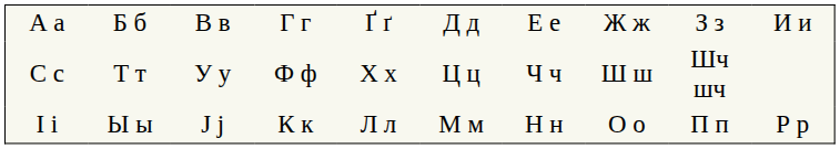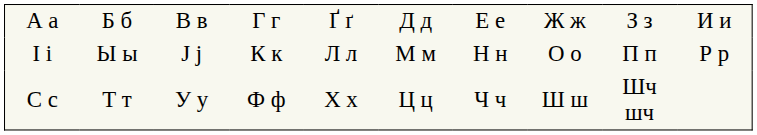 <table style="font-family:Arial Unicode MS; font-size:1.4em; border-color:#000000; border-width:1px; border-style:solid; border-collapse:collapse; background-color:#F8F8EF">
 <tr>
 <td style="width:3em; text-align:center; padding: 3px;">А а</td>
 <td style="width:3em; text-align:center; padding: 3px;">Б б</td>
 <td style="width:3em; text-align:center; padding: 3px;">В в</td>
 <td style="width:3em; text-align:center; padding: 3px;">Г г</td>
 <td style="width:3em; text-align:center; padding: 3px;">Ґ ґ</td>
 <td style="width:3em; text-align:center; padding: 3px;">Д д</td>
 <td style="width:3em; text-align:center; padding: 3px;">Е е</td>
 <td style="width:3em; text-align:center; padding: 3px;">Ж ж</td>
 <td style="width:3em; text-align:center; padding: 3px;">З з</td>
 <td style="width:3em; text-align:center; padding: 3px;">И и</td>
 </tr>
 <tr>
+<td style="width:3em; text-align:center; padding: 3px;">І і</td>
+<td style="width:3em; text-align:center; padding: 3px;">Ы ы</td>
+<td style="width:3em; text-align:center; padding: 3px;">Ј ј</td>
+<td style="width:3em; text-align:center; padding: 3px;">К к</td>
+<td style="width:3em; text-align:center; padding: 3px;">Л л</td>
+<td style="width:3em; text-align:center; padding: 3px;">М м</td>
+<td style="width:3em; text-align:center; padding: 3px;">Н н</td>
+<td style="width:3em; text-align:center; padding: 3px;">О о</td>
+<td style="width:3em; text-align:center; padding: 3px;">П п</td>
+<td style="width:3em; text-align:center; padding: 3px;">Р р</td>
+</tr>
+<tr>
 <td style="width:3em; text-align:center; padding: 3px;">С с</td>
 <td style="width:3em; text-align:center; padding: 3px;">Т т</td>
 <td style="width:3em; text-align:center; padding: 3px;">У у</td>
 <td style="width:3em; text-align:center; padding: 3px;">Ф ф</td>
 <td style="width:3em; text-align:center; padding: 3px;">Х х</td>
 <td style="width:3em; text-align:center; padding: 3px;">Ц ц</td>
 <td style="width:3em; text-align:center; padding: 3px;">Ч ч</td>
 <td style="width:3em; text-align:center; padding: 3px;">Ш ш</td>
 <td style="width:3em; text-align:center; padding: 3px;">Шч шч</td>
 <td style="width:3em; text-align:center; padding: 3px;"></td>
 </tr>
-<tr>
-<td style="width:3em; text-align:center; padding: 3px;">І і</td>
-<td style="width:3em; text-align:center; padding: 3px;">Ы ы</td>
-<td style="width:3em; text-align:center; padding: 3px;">Ј ј</td>
-<td style="width:3em; text-align:center; padding: 3px;">К к</td>
-<td style="width:3em; text-align:center; padding: 3px;">Л л</td>
-<td style="width:3em; text-align:center; padding: 3px;">М м</td>
-<td style="width:3em; text-align:center; padding: 3px;">Н н</td>
-<td style="width:3em; text-align:center; padding: 3px;">О о</td>
-<td style="width:3em; text-align:center; padding: 3px;">П п</td>
-<td style="width:3em; text-align:center; padding: 3px;">Р р</td>
-</tr>
 </table>
